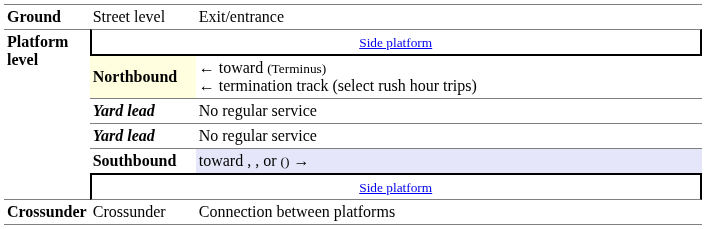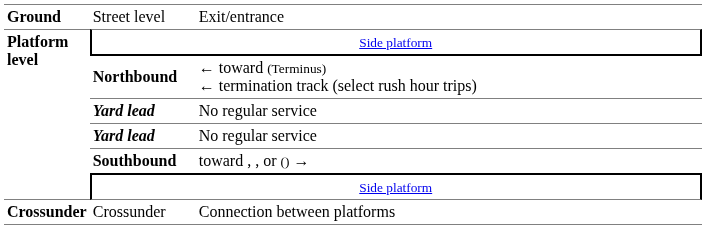 <table table border=0 cellspacing=0 cellpadding=3>
 <tr>
 <td style="border-top:solid 1px gray;" width=50><strong>Ground</strong></td>
 <td style="border-top:solid 1px gray;" width=100>Street level</td>
 <td style="border-top:solid 1px gray;" width=500>Exit/entrance</td>
 </tr>
 <tr>
 <td style="border-top:solid 1px gray;border-bottom:solid 1px gray;" rowspan=6 valign=top><strong>Platform level</strong></td>
 <td style="border-top:solid 1px gray;border-right:solid 2px black;border-left:solid 2px black;border-bottom:solid 2px black;text-align:center;" colspan=2><small><a href='#'>Side platform</a></small></td>
 </tr>
 <tr>
-<td style="background: lightyellow; border-bottom:solid 1px gray;"><span><strong>Northbound</strong></span></td>
+<td style="border-bottom:solid 1px gray;"><span><strong>Northbound</strong></span></td>
 <td style="border-bottom:solid 1px gray;">←  toward  <small>(Terminus)</small><br>←  termination track (select rush hour trips)</td>
 </tr>
 <tr>
 <td style="border-bottom:solid 1px gray;"><strong><em>Yard lead</em></strong></td>
 <td style="border-bottom:solid 1px gray;"> No regular service</td>
 </tr>
 <tr>
 <td style="border-bottom:solid 1px gray;"><strong><em>Yard lead</em></strong></td>
 <td style="border-bottom:solid 1px gray;"> No regular service</td>
 </tr>
 <tr>
 <td><span><strong>Southbound</strong></span></td>
-<td style="background: lavender;">  toward , , or  <small>()</small> →</td>
+<td>  toward , , or  <small>()</small> →</td>
 </tr>
 <tr>
 <td style="border-top:solid 2px black;border-right:solid 2px black;border-left:solid 2px black;border-bottom:solid 1px gray;text-align:center;" colspan=2><small><a href='#'>Side platform</a></small></td>
 </tr>
 <tr>
 <td style="border-bottom:solid 1px gray;"><strong>Crossunder</strong></td>
 <td style="border-bottom:solid 1px gray;">Crossunder</td>
 <td style="border-bottom:solid 1px gray;">Connection between platforms</td>
 </tr>
 </table>
